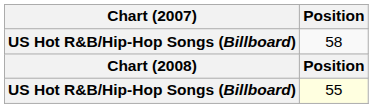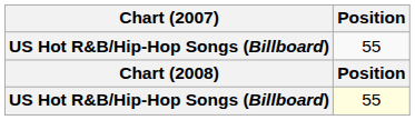 <table class="wikitable plainrowheaders" style="text-align:center;">
 <tr>
 <th scope="col">Chart (2007)</th>
 <th scope="col">Position</th>
 </tr>
 <tr>
 <th scope="row">US Hot R&B/Hip-Hop Songs (<em>Billboard</em>)</th>
-<td>58</td>
+<td>55</td>
 </tr>
 <tr>
 <th scope="col">Chart (2008)</th>
 <th scope="col">Position</th>
 </tr>
 <tr>
 <th scope="row">US Hot R&B/Hip-Hop Songs (<em>Billboard</em>)</th>
 <td style="background: lightyellow;">55</td>
 </tr>
 </table>
